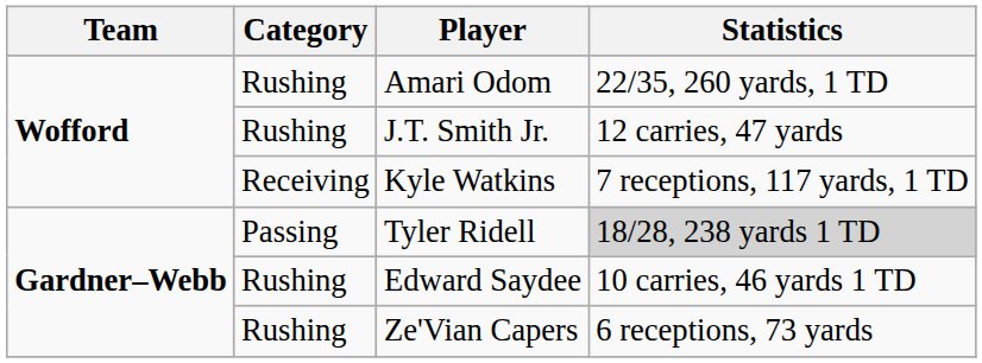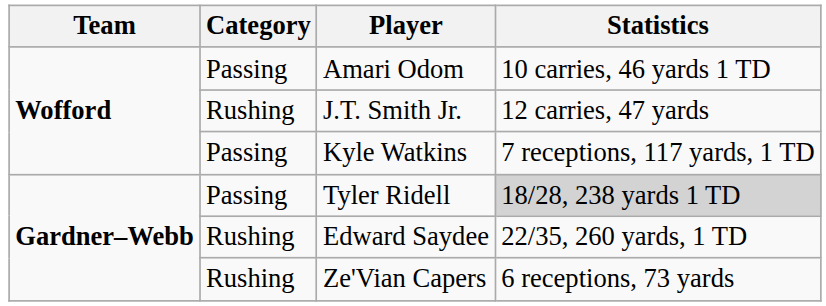 <table class="wikitable" style="float: right;">
 <tr>
 <th>Team</th>
 <th>Category</th>
 <th>Player</th>
 <th>Statistics</th>
 </tr>
 <tr>
 <td rowspan=3><strong>Wofford</strong></td>
-<td>Rushing</td>
+<td>Passing</td>
 <td>Amari Odom</td>
-<td>22/35, 260 yards, 1 TD</td>
+<td>10 carries, 46 yards 1 TD</td>
 </tr>
 <tr>
 <td>Rushing</td>
 <td>J.T. Smith Jr.</td>
 <td>12 carries, 47 yards</td>
 </tr>
 <tr>
-<td>Receiving</td>
+<td>Passing</td>
 <td>Kyle Watkins</td>
 <td>7 receptions, 117 yards, 1 TD</td>
 </tr>
 <tr>
 <td rowspan=3><strong>Gardner–Webb</strong></td>
 <td>Passing</td>
 <td>Tyler Ridell</td>
 <td style="background: lightgrey;">18/28, 238 yards 1 TD</td>
 </tr>
 <tr>
 <td>Rushing</td>
 <td>Edward Saydee</td>
-<td>10 carries, 46 yards 1 TD</td>
+<td>22/35, 260 yards, 1 TD</td>
 </tr>
 <tr>
 <td>Rushing</td>
 <td>Ze'Vian Capers</td>
 <td>6 receptions, 73 yards</td>
 </tr>
 </table>
